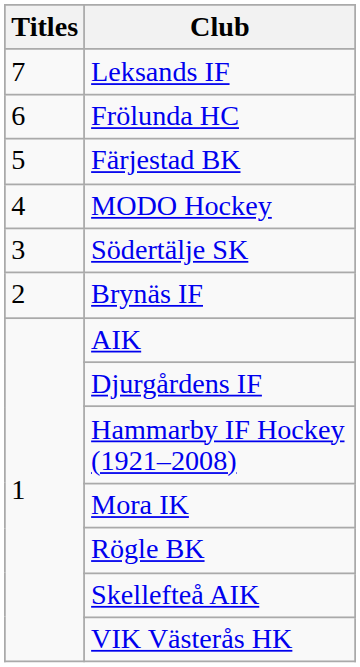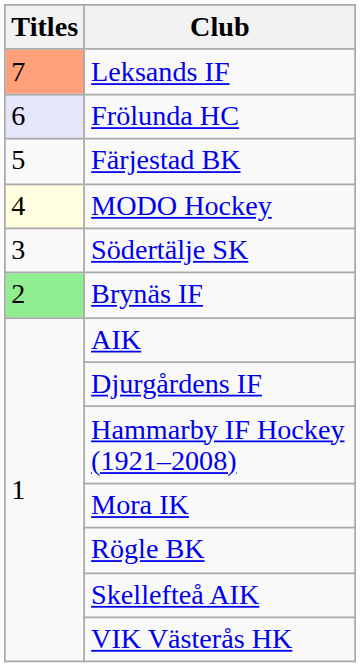 <table class="wikitable" style="width:200px;">
 <tr>
 <th>Titles</th>
 <th>Club</th>
 </tr>
 <tr>
-<td>7</td>
+<td style="background: lightsalmon;">7</td>
 <td><a href='#'>Leksands IF</a></td>
 </tr>
 <tr>
-<td>6</td>
+<td style="background: lavender;">6</td>
 <td><a href='#'>Frölunda HC</a></td>
 </tr>
 <tr>
 <td>5</td>
 <td><a href='#'>Färjestad BK</a></td>
 </tr>
 <tr>
-<td>4</td>
+<td style="background: lightyellow;">4</td>
 <td><a href='#'>MODO Hockey</a></td>
 </tr>
 <tr>
 <td>3</td>
 <td><a href='#'>Södertälje SK</a></td>
 </tr>
 <tr>
-<td>2</td>
+<td style="background: lightgreen;">2</td>
 <td><a href='#'>Brynäs IF</a></td>
 </tr>
 <tr>
 <td rowspan=7>1</td>
 <td><a href='#'>AIK</a></td>
 </tr>
 <tr>
 <td><a href='#'>Djurgårdens IF</a></td>
 </tr>
 <tr>
 <td><a href='#'>Hammarby IF Hockey (1921–2008)</a></td>
 </tr>
 <tr>
 <td><a href='#'>Mora IK</a></td>
 </tr>
 <tr>
 <td><a href='#'>Rögle BK</a></td>
 </tr>
 <tr>
 <td><a href='#'>Skellefteå AIK</a></td>
 </tr>
 <tr>
 <td><a href='#'>VIK Västerås HK</a></td>
 </tr>
 </table>
